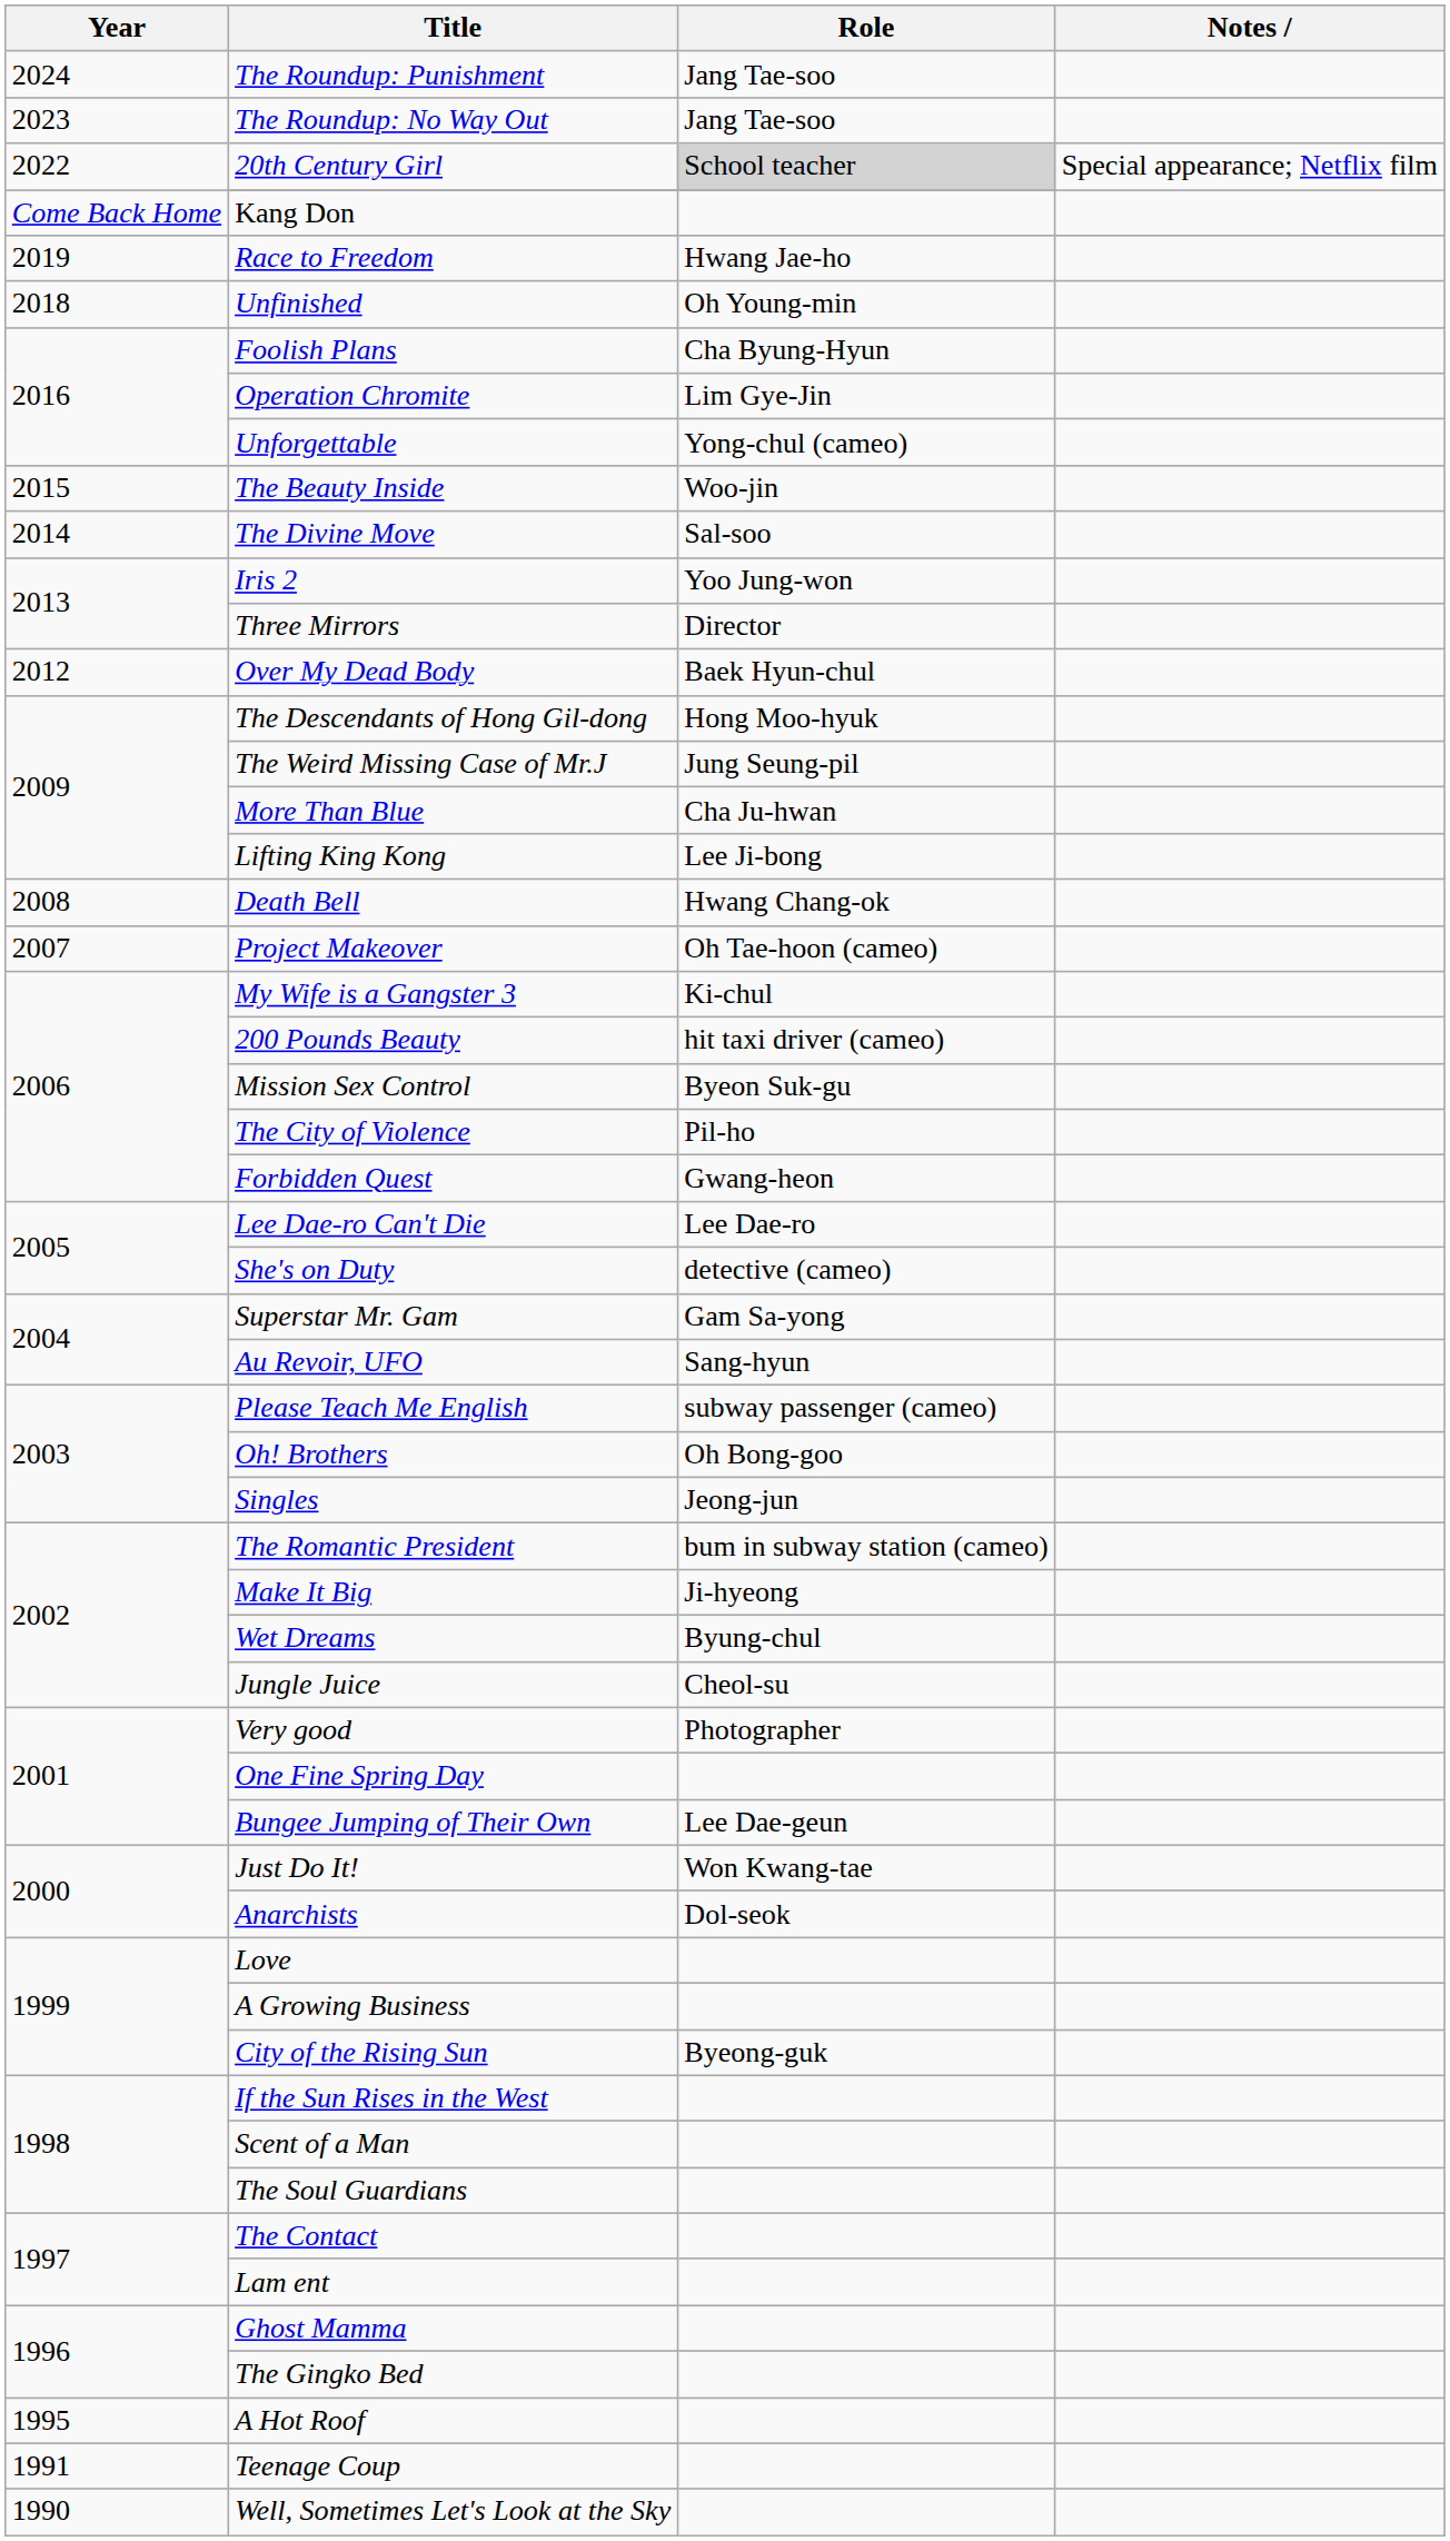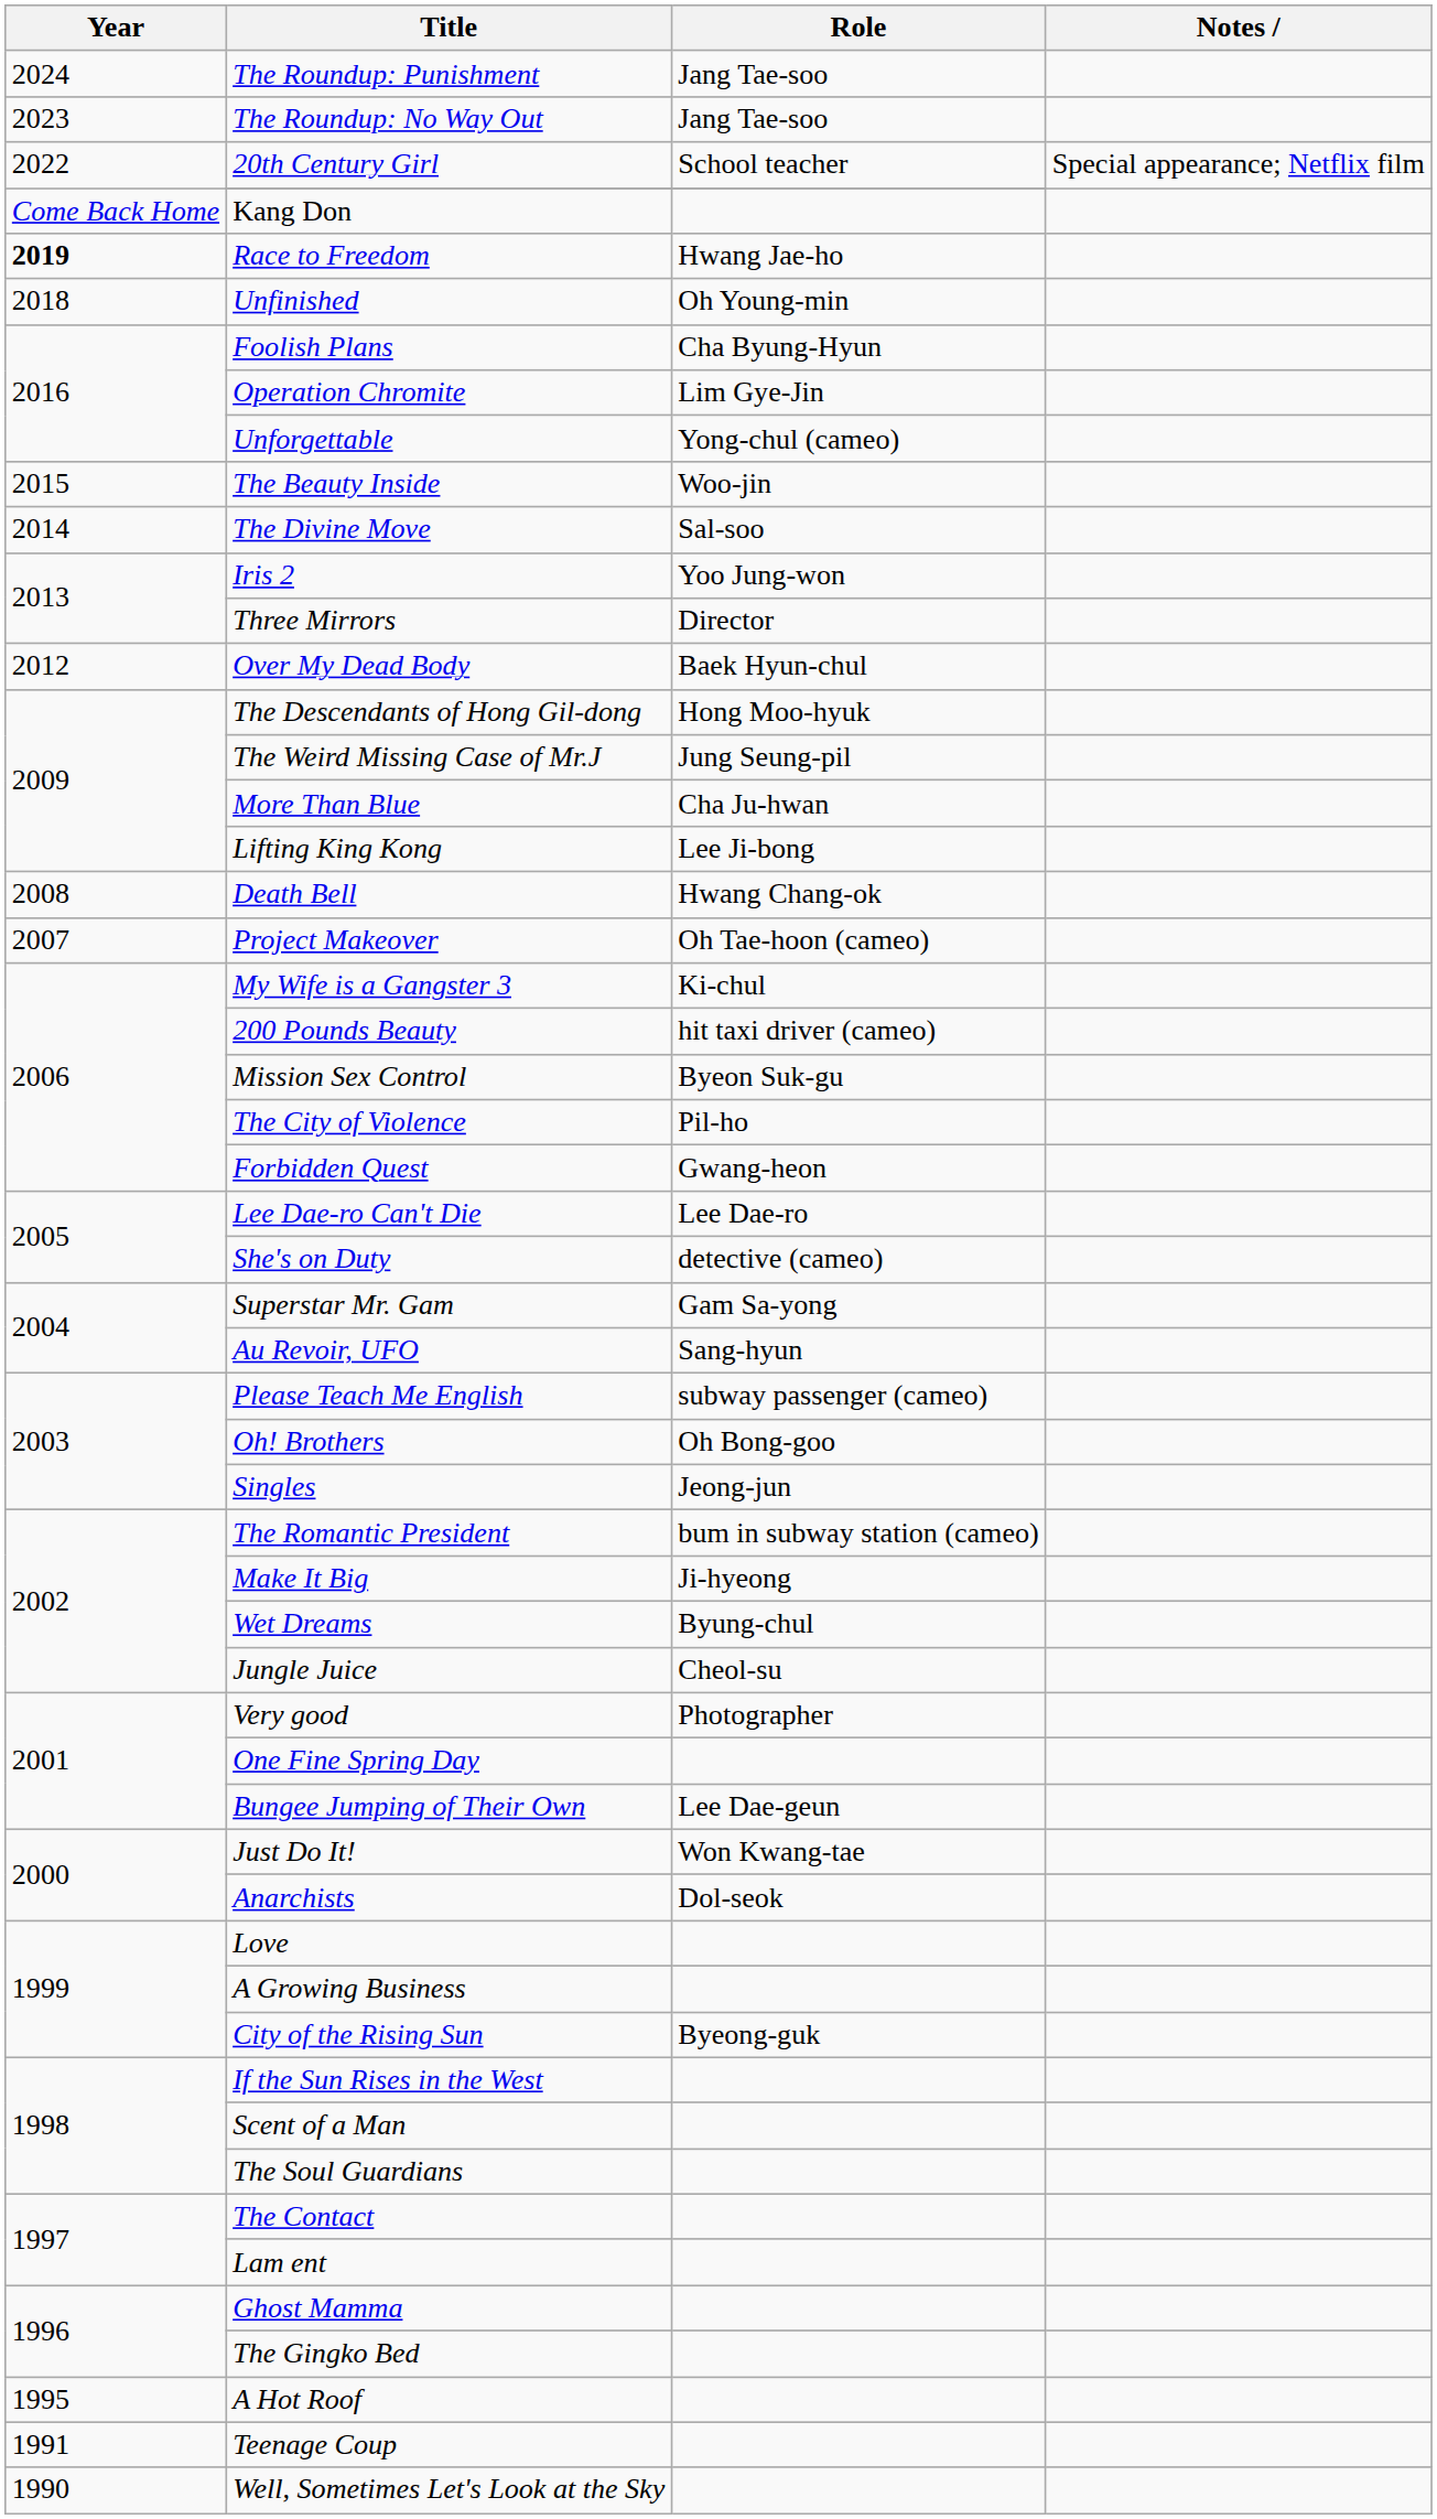 <table class="wikitable sortable">
 <tr>
 <th>Year</th>
 <th>Title</th>
 <th>Role</th>
 <th>Notes /</th>
 </tr>
 <tr>
 <td>2024</td>
 <td><em><a href='#'>The Roundup: Punishment</a></em></td>
 <td>Jang Tae-soo</td>
 <td></td>
 </tr>
 <tr>
 <td>2023</td>
 <td><em><a href='#'>The Roundup: No Way Out</a></em></td>
 <td>Jang Tae-soo</td>
 <td></td>
 </tr>
 <tr>
 <td rowspan=2>2022</td>
 <td><em><a href='#'>20th Century Girl</a></em></td>
-<td style="background: lightgrey;">School teacher</td>
+<td>School teacher</td>
 <td>Special appearance; <a href='#'>Netflix</a> film</td>
 </tr>
 <tr>
 </tr>
 <tr>
 <td><em><a href='#'>Come Back Home</a></em></td>
 <td>Kang Don</td>
 <td></td>
 </tr>
 <tr>
-<td>2019</td>
+<td><strong>2019</strong></td>
 <td><em><a href='#'>Race to Freedom</a></em></td>
 <td>Hwang Jae-ho</td>
 <td></td>
 </tr>
 <tr>
 <td>2018</td>
 <td><em><a href='#'>Unfinished</a></em></td>
 <td>Oh Young-min</td>
 <td></td>
 </tr>
 <tr>
 <td rowspan="3">2016</td>
 <td><em><a href='#'>Foolish Plans</a></em></td>
 <td>Cha Byung-Hyun</td>
 <td></td>
 </tr>
 <tr>
 <td><em><a href='#'>Operation Chromite</a></em></td>
 <td>Lim Gye-Jin</td>
 <td></td>
 </tr>
 <tr>
 <td><em><a href='#'>Unforgettable</a></em></td>
 <td>Yong-chul (cameo)</td>
 <td></td>
 </tr>
 <tr>
 <td>2015</td>
 <td><em><a href='#'>The Beauty Inside</a></em></td>
 <td>Woo-jin</td>
 <td></td>
 </tr>
 <tr>
 <td>2014</td>
 <td><em><a href='#'>The Divine Move</a></em></td>
 <td>Sal-soo</td>
 <td></td>
 </tr>
 <tr>
 <td rowspan="2">2013</td>
 <td><em><a href='#'>Iris 2</a></em></td>
 <td>Yoo Jung-won</td>
 <td></td>
 </tr>
 <tr>
 <td><em>Three Mirrors</em></td>
 <td>Director</td>
 <td></td>
 </tr>
 <tr>
 <td>2012</td>
 <td><em><a href='#'>Over My Dead Body</a></em></td>
 <td>Baek Hyun-chul</td>
 <td></td>
 </tr>
 <tr>
 <td rowspan="4">2009</td>
 <td><em>The Descendants of Hong Gil-dong</em></td>
 <td>Hong Moo-hyuk</td>
 <td></td>
 </tr>
 <tr>
 <td><em>The Weird Missing Case of Mr.J</em></td>
 <td>Jung Seung-pil</td>
 <td></td>
 </tr>
 <tr>
 <td><em><a href='#'>More Than Blue</a></em></td>
 <td>Cha Ju-hwan</td>
 <td></td>
 </tr>
 <tr>
 <td><em>Lifting King Kong</em></td>
 <td>Lee Ji-bong</td>
 <td></td>
 </tr>
 <tr>
 <td>2008</td>
 <td><em><a href='#'>Death Bell</a></em></td>
 <td>Hwang Chang-ok</td>
 <td></td>
 </tr>
 <tr>
 <td>2007</td>
 <td><em><a href='#'>Project Makeover</a></em></td>
 <td>Oh Tae-hoon (cameo)</td>
 <td></td>
 </tr>
 <tr>
 <td rowspan="5">2006</td>
 <td><em><a href='#'>My Wife is a Gangster 3</a></em></td>
 <td>Ki-chul</td>
 <td></td>
 </tr>
 <tr>
 <td><em><a href='#'>200 Pounds Beauty</a></em></td>
 <td>hit taxi driver (cameo)</td>
 <td></td>
 </tr>
 <tr>
 <td><em>Mission Sex Control</em></td>
 <td>Byeon Suk-gu</td>
 <td></td>
 </tr>
 <tr>
 <td><em><a href='#'>The City of Violence</a></em></td>
 <td>Pil-ho</td>
 <td></td>
 </tr>
 <tr>
 <td><em><a href='#'>Forbidden Quest</a></em></td>
 <td>Gwang-heon</td>
 <td></td>
 </tr>
 <tr>
 <td rowspan="2">2005</td>
 <td><em><a href='#'>Lee Dae-ro Can't Die</a></em></td>
 <td>Lee Dae-ro</td>
 <td></td>
 </tr>
 <tr>
 <td><em><a href='#'>She's on Duty</a></em></td>
 <td>detective (cameo)</td>
 <td></td>
 </tr>
 <tr>
 <td rowspan="2">2004</td>
 <td><em>Superstar Mr. Gam</em></td>
 <td>Gam Sa-yong</td>
 <td></td>
 </tr>
 <tr>
 <td><em><a href='#'>Au Revoir, UFO</a></em></td>
 <td>Sang-hyun</td>
 <td></td>
 </tr>
 <tr>
 <td rowspan="3">2003</td>
 <td><em><a href='#'>Please Teach Me English</a></em></td>
 <td>subway passenger (cameo)</td>
 <td></td>
 </tr>
 <tr>
 <td><em><a href='#'>Oh! Brothers</a></em></td>
 <td>Oh Bong-goo</td>
 <td></td>
 </tr>
 <tr>
 <td><em><a href='#'>Singles</a></em></td>
 <td>Jeong-jun</td>
 <td></td>
 </tr>
 <tr>
 <td rowspan="4">2002</td>
 <td><em><a href='#'>The Romantic President</a></em></td>
 <td>bum in subway station (cameo)</td>
 <td></td>
 </tr>
 <tr>
 <td><em><a href='#'>Make It Big</a></em></td>
 <td>Ji-hyeong</td>
 <td></td>
 </tr>
 <tr>
 <td><em><a href='#'>Wet Dreams</a></em></td>
 <td>Byung-chul</td>
 <td></td>
 </tr>
 <tr>
 <td><em>Jungle Juice</em></td>
 <td>Cheol-su</td>
 <td></td>
 </tr>
 <tr>
 <td rowspan="3">2001</td>
 <td><em>Very good</em></td>
 <td>Photographer</td>
 <td></td>
 </tr>
 <tr>
 <td><em><a href='#'>One Fine Spring Day</a></em></td>
 <td></td>
 <td></td>
 </tr>
 <tr>
 <td><em><a href='#'>Bungee Jumping of Their Own</a></em></td>
 <td>Lee Dae-geun</td>
 <td></td>
 </tr>
 <tr>
 <td rowspan="2">2000</td>
 <td><em>Just Do It!</em></td>
 <td>Won Kwang-tae</td>
 <td></td>
 </tr>
 <tr>
 <td><em><a href='#'>Anarchists</a></em></td>
 <td>Dol-seok</td>
 <td></td>
 </tr>
 <tr>
 <td rowspan="3">1999</td>
 <td><em>Love</em></td>
 <td></td>
 <td></td>
 </tr>
 <tr>
 <td><em>A Growing Business</em></td>
 <td></td>
 <td></td>
 </tr>
 <tr>
 <td><em><a href='#'>City of the Rising Sun</a></em></td>
 <td>Byeong-guk</td>
 <td></td>
 </tr>
 <tr>
 <td rowspan="3">1998</td>
 <td><em><a href='#'>If the Sun Rises in the West</a></em></td>
 <td></td>
 <td></td>
 </tr>
 <tr>
 <td><em>Scent of a Man</em></td>
 <td></td>
 <td></td>
 </tr>
 <tr>
 <td><em>The Soul Guardians</em></td>
 <td></td>
 <td></td>
 </tr>
 <tr>
 <td rowspan="2">1997</td>
 <td><em><a href='#'>The Contact</a></em></td>
 <td></td>
 <td></td>
 </tr>
 <tr>
 <td><em>Lam ent</em></td>
 <td></td>
 <td></td>
 </tr>
 <tr>
 <td rowspan="2">1996</td>
 <td><em><a href='#'>Ghost Mamma</a></em></td>
 <td></td>
 <td></td>
 </tr>
 <tr>
 <td><em>The Gingko Bed</em></td>
 <td></td>
 <td></td>
 </tr>
 <tr>
 <td>1995</td>
 <td><em>A Hot Roof</em></td>
 <td></td>
 <td></td>
 </tr>
 <tr>
 <td>1991</td>
 <td><em>Teenage Coup</em></td>
 <td></td>
 <td></td>
 </tr>
 <tr>
 <td>1990</td>
 <td><em>Well, Sometimes Let's Look at the Sky</em></td>
 <td></td>
 <td></td>
 </tr>
 </table>
